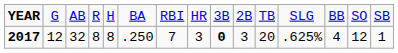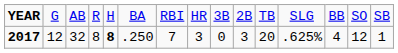 <table class="wikitable">
 <tr align=center>
 <td><strong>YEAR</strong></td>
 <td><a href='#'>G</a></td>
 <td><a href='#'>AB</a></td>
 <td><a href='#'>R</a></td>
 <td><a href='#'>H</a></td>
 <td><a href='#'>BA</a></td>
 <td><a href='#'>RBI</a></td>
 <td><a href='#'>HR</a></td>
 <td><a href='#'>3B</a></td>
 <td><a href='#'>2B</a></td>
 <td><a href='#'>TB</a></td>
 <td><a href='#'>SLG</a></td>
 <td><a href='#'>BB</a></td>
 <td><a href='#'>SO</a></td>
 <td><a href='#'>SB</a></td>
 </tr>
 <tr align=center>
 <td><strong>2017</strong></td>
 <td>12</td>
 <td>32</td>
 <td>8</td>
-<td>8</td>
+<td><strong>8</strong></td>
 <td>.250</td>
 <td>7</td>
 <td>3</td>
-<td><strong>0</strong></td>
+<td>0</td>
 <td>3</td>
 <td>20</td>
 <td>.625%</td>
 <td>4</td>
 <td>12</td>
 <td>1</td>
 </tr>
 </table>
